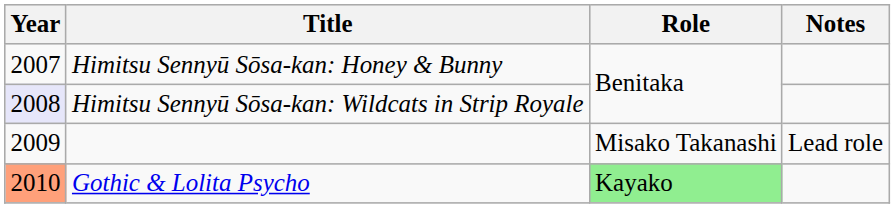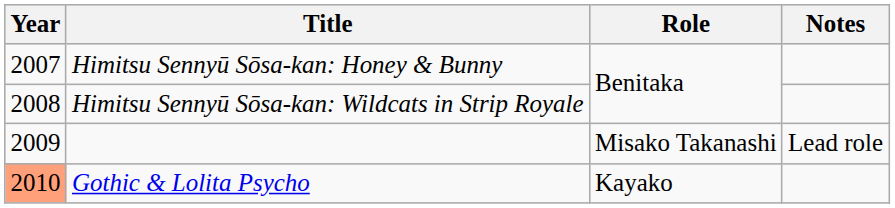 <table class="wikitable">
 <tr>
 <th>Year</th>
 <th>Title</th>
 <th>Role</th>
 <th>Notes</th>
 </tr>
 <tr>
 <td>2007</td>
 <td><em>Himitsu Sennyū Sōsa-kan: Honey & Bunny</em></td>
 <td rowspan="2">Benitaka</td>
 <td></td>
 </tr>
 <tr>
-<td style="background: lavender;">2008</td>
+<td>2008</td>
 <td><em>Himitsu Sennyū Sōsa-kan: Wildcats in Strip Royale</em></td>
 <td></td>
 </tr>
 <tr>
 <td>2009</td>
 <td><em> </em></td>
 <td>Misako Takanashi</td>
 <td>Lead role</td>
 </tr>
 <tr>
 <td style="background: lightsalmon;">2010</td>
 <td><em><a href='#'>Gothic & Lolita Psycho</a></em></td>
-<td style="background: lightgreen;">Kayako</td>
+<td>Kayako</td>
 <td></td>
 </tr>
 </table>
